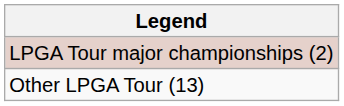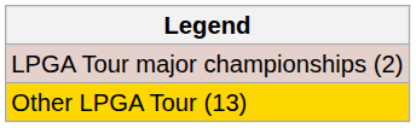 <table class="wikitable" style="font-size:95%;">
 <tr>
 <th>Legend</th>
 </tr>
 <tr style="background:#e5d1cb;">
 <td>LPGA Tour major championships (2)</td>
 </tr>
 <tr>
-<td>Other LPGA Tour (13)</td>
+<td style="background: gold;">Other LPGA Tour (13)</td>
 </tr>
 </table>
